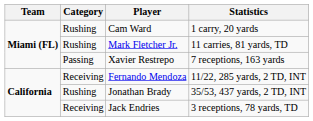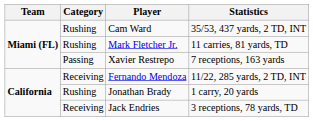 <table class="wikitable" style="float: right;">
 <tr>
 <th>Team</th>
 <th>Category</th>
 <th>Player</th>
 <th>Statistics</th>
 </tr>
 <tr>
 <td rowspan=3><strong>Miami (FL)</strong></td>
 <td>Rushing</td>
 <td>Cam Ward</td>
-<td>1 carry, 20 yards</td>
+<td>35/53, 437 yards, 2 TD, INT</td>
 </tr>
 <tr>
 <td>Rushing</td>
 <td><a href='#'>Mark Fletcher Jr.</a></td>
 <td>11 carries, 81 yards, TD</td>
 </tr>
 <tr>
 <td>Passing</td>
 <td>Xavier Restrepo</td>
 <td>7 receptions, 163 yards</td>
 </tr>
 <tr>
 <td rowspan=3><strong>California</strong></td>
 <td>Receiving</td>
 <td><a href='#'>Fernando Mendoza</a></td>
 <td>11/22, 285 yards, 2 TD, INT</td>
 </tr>
 <tr>
 <td>Rushing</td>
 <td>Jonathan Brady</td>
-<td>35/53, 437 yards, 2 TD, INT</td>
+<td>1 carry, 20 yards</td>
 </tr>
 <tr>
 <td>Receiving</td>
 <td>Jack Endries</td>
 <td>3 receptions, 78 yards, TD</td>
 </tr>
 </table>
